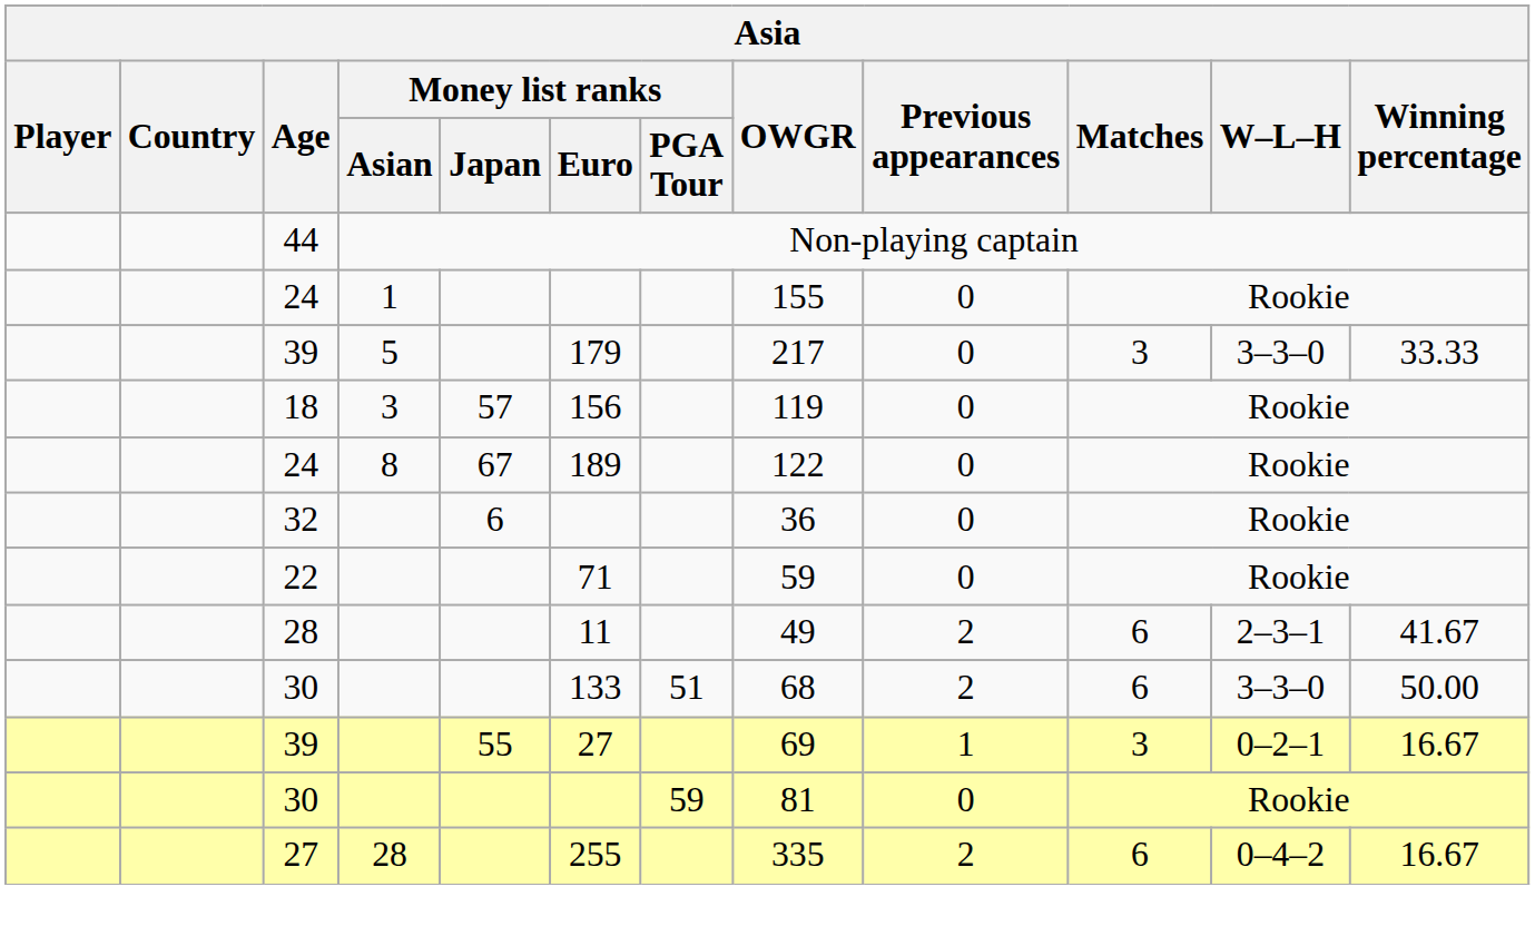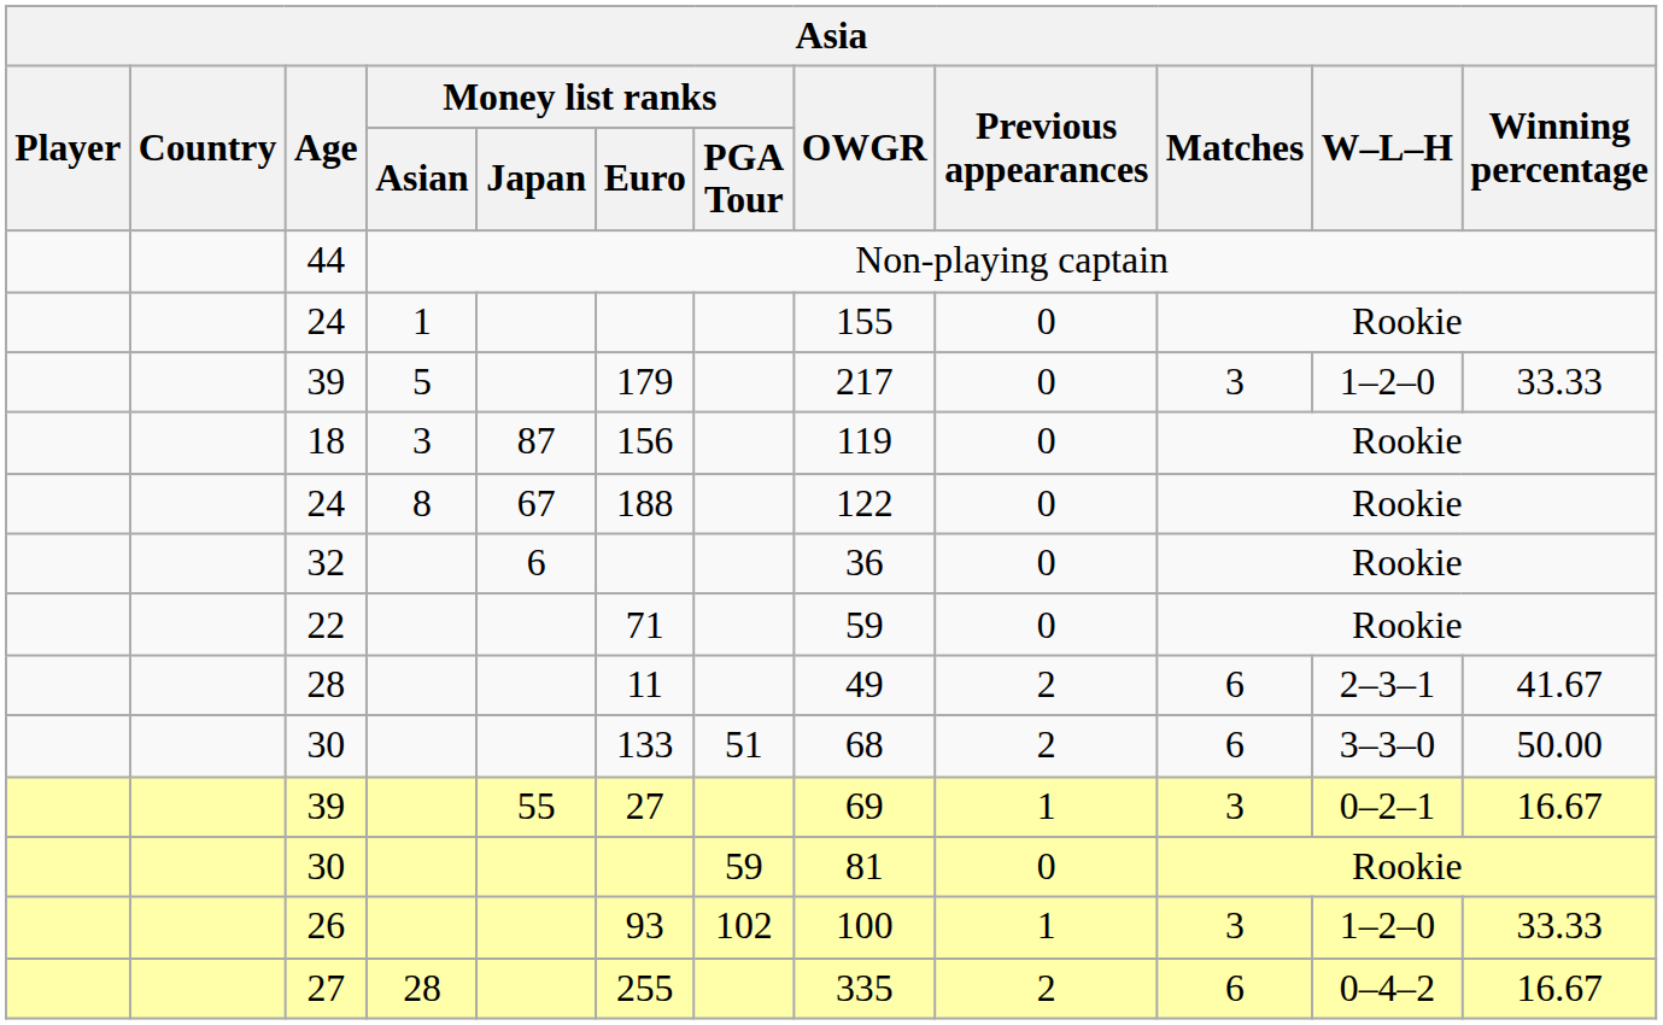 <table class="wikitable sortable" style="text-align:center">
 <tr>
 <th colspan=12>Asia</th>
 </tr>
 <tr>
 <th rowspan=2>Player</th>
 <th rowspan=2>Country</th>
 <th rowspan=2 data-sort-type="number">Age</th>
 <th colspan=4>Money list ranks</th>
 <th rowspan=2 data-sort-type="number">OWGR</th>
 <th rowspan=2 data-sort-type="number">Previous<br>appearances</th>
 <th rowspan=2 data-sort-type="number">Matches</th>
 <th rowspan=2 data-sort-type="number">W–L–H</th>
 <th rowspan=2 data-sort-type="number">Winning<br>percentage</th>
 </tr>
 <tr>
 <th data-sort-type="number">Asian</th>
 <th data-sort-type="number">Japan</th>
 <th data-sort-type="number">Euro</th>
 <th data-sort-type="number">PGA<br>Tour</th>
 </tr>
 <tr>
 <td align=left></td>
 <td align=left></td>
 <td>44</td>
 <td colspan=9>Non-playing captain</td>
 </tr>
 <tr>
 <td align=left></td>
 <td align=left></td>
 <td>24</td>
 <td>1</td>
 <td></td>
 <td></td>
 <td></td>
 <td>155</td>
 <td>0</td>
 <td colspan=3>Rookie</td>
 </tr>
 <tr>
 <td align=left></td>
 <td align=left></td>
 <td>39</td>
 <td>5</td>
 <td></td>
 <td>179</td>
 <td></td>
 <td>217</td>
 <td>0</td>
 <td>3</td>
-<td>3–3–0</td>
+<td>1–2–0</td>
 <td>33.33</td>
 </tr>
 <tr>
 <td align=left></td>
 <td align=left></td>
 <td>18</td>
 <td>3</td>
-<td>57</td>
+<td>87</td>
 <td>156</td>
 <td></td>
 <td>119</td>
 <td>0</td>
 <td colspan=3>Rookie</td>
 </tr>
 <tr>
 <td align=left></td>
 <td align=left></td>
 <td>24</td>
 <td>8</td>
 <td>67</td>
-<td>189</td>
+<td>188</td>
 <td></td>
 <td>122</td>
 <td>0</td>
 <td colspan=3>Rookie</td>
 </tr>
 <tr>
 <td align=left></td>
 <td align=left></td>
 <td>32</td>
 <td></td>
 <td>6</td>
 <td></td>
 <td></td>
 <td>36</td>
 <td>0</td>
 <td colspan=3>Rookie</td>
 </tr>
 <tr>
 <td align=left></td>
 <td align=left></td>
 <td>22</td>
 <td></td>
 <td></td>
 <td>71</td>
 <td></td>
 <td>59</td>
 <td>0</td>
 <td colspan=3>Rookie</td>
 </tr>
 <tr>
 <td align=left></td>
 <td align=left></td>
 <td>28</td>
 <td></td>
 <td></td>
 <td>11</td>
 <td></td>
 <td>49</td>
 <td>2</td>
 <td>6</td>
 <td>2–3–1</td>
 <td>41.67</td>
 </tr>
 <tr>
 <td align=left></td>
 <td align=left></td>
 <td>30</td>
 <td></td>
 <td></td>
 <td>133</td>
 <td>51</td>
 <td>68</td>
 <td>2</td>
 <td>6</td>
 <td>3–3–0</td>
 <td>50.00</td>
 </tr>
 <tr style="background:#ffa;">
 <td align=left></td>
 <td align=left></td>
 <td>39</td>
 <td></td>
 <td>55</td>
 <td>27</td>
 <td></td>
 <td>69</td>
 <td>1</td>
 <td>3</td>
 <td>0–2–1</td>
 <td>16.67</td>
 </tr>
 <tr style="background:#ffa;">
 <td align=left></td>
 <td align=left></td>
 <td>30</td>
 <td></td>
 <td></td>
 <td></td>
 <td>59</td>
 <td>81</td>
 <td>0</td>
 <td colspan=3>Rookie</td>
 </tr>
 <tr style="background:#ffa;">
 <td align=left></td>
 <td align=left></td>
+<td>26</td>
+<td></td>
+<td></td>
+<td>93</td>
+<td>102</td>
+<td>100</td>
+<td>1</td>
+<td>3</td>
+<td>1–2–0</td>
+<td>33.33</td>
+</tr>
+<tr style="background:#ffa;">
+<td align=left></td>
+<td align=left></td>
 <td>27</td>
 <td>28</td>
 <td></td>
 <td>255</td>
 <td></td>
 <td>335</td>
 <td>2</td>
 <td>6</td>
 <td>0–4–2</td>
 <td>16.67</td>
 </tr>
 </table>
